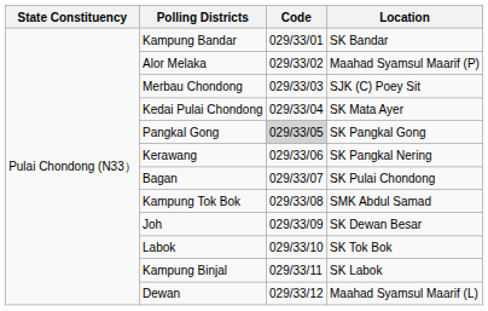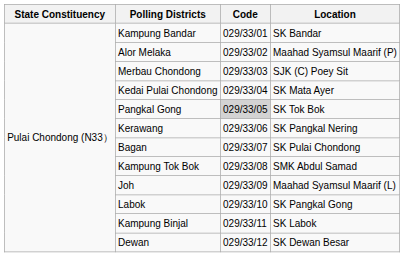 <table class="wikitable sortable mw-collapsible">
 <tr>
 <th><small>State Constituency</small></th>
 <th><small>Polling Districts</small></th>
 <th><small>Code</small></th>
 <th><small>Location</small></th>
 </tr>
 <tr>
 <td rowspan="12"><small>Pulai Chondong (N33）</small></td>
 <td><small>Kampung Bandar</small></td>
 <td><small>029/33/01</small></td>
 <td><small>SK Bandar</small></td>
 </tr>
 <tr>
 <td><small>Alor Melaka</small></td>
 <td><small>029/33/02</small></td>
 <td><small>Maahad Syamsul Maarif (P)</small></td>
 </tr>
 <tr>
 <td><small>Merbau Chondong</small></td>
 <td><small>029/33/03</small></td>
 <td><small>SJK (C) Poey Sit</small></td>
 </tr>
 <tr>
 <td><small>Kedai Pulai Chondong</small></td>
 <td><small>029/33/04</small></td>
 <td><small>SK Mata Ayer</small></td>
 </tr>
 <tr>
 <td><small>Pangkal Gong</small></td>
 <td style="background: lightgrey;"><small>029/33/05</small></td>
-<td><small>SK Pangkal Gong</small></td>
+<td><small>SK Tok Bok</small></td>
 </tr>
 <tr>
 <td><small>Kerawang</small></td>
 <td><small>029/33/06</small></td>
 <td><small>SK Pangkal Nering</small></td>
 </tr>
 <tr>
 <td><small>Bagan</small></td>
 <td><small>029/33/07</small></td>
 <td><small>SK Pulai Chondong</small></td>
 </tr>
 <tr>
 <td><small>Kampung Tok Bok</small></td>
 <td><small>029/33/08</small></td>
 <td><small>SMK Abdul Samad</small></td>
 </tr>
 <tr>
 <td><small>Joh</small></td>
 <td><small>029/33/09</small></td>
-<td><small>SK Dewan Besar</small></td>
+<td><small>Maahad Syamsul Maarif (L)</small></td>
 </tr>
 <tr>
 <td><small>Labok</small></td>
 <td><small>029/33/10</small></td>
-<td><small>SK Tok Bok</small></td>
+<td><small>SK Pangkal Gong</small></td>
 </tr>
 <tr>
 <td><small>Kampung Binjal</small></td>
 <td><small>029/33/11</small></td>
 <td><small>SK Labok</small></td>
 </tr>
 <tr>
 <td><small>Dewan</small></td>
 <td><small>029/33/12</small></td>
-<td><small>Maahad Syamsul Maarif (L)</small></td>
+<td><small>SK Dewan Besar</small></td>
 </tr>
 </table>
